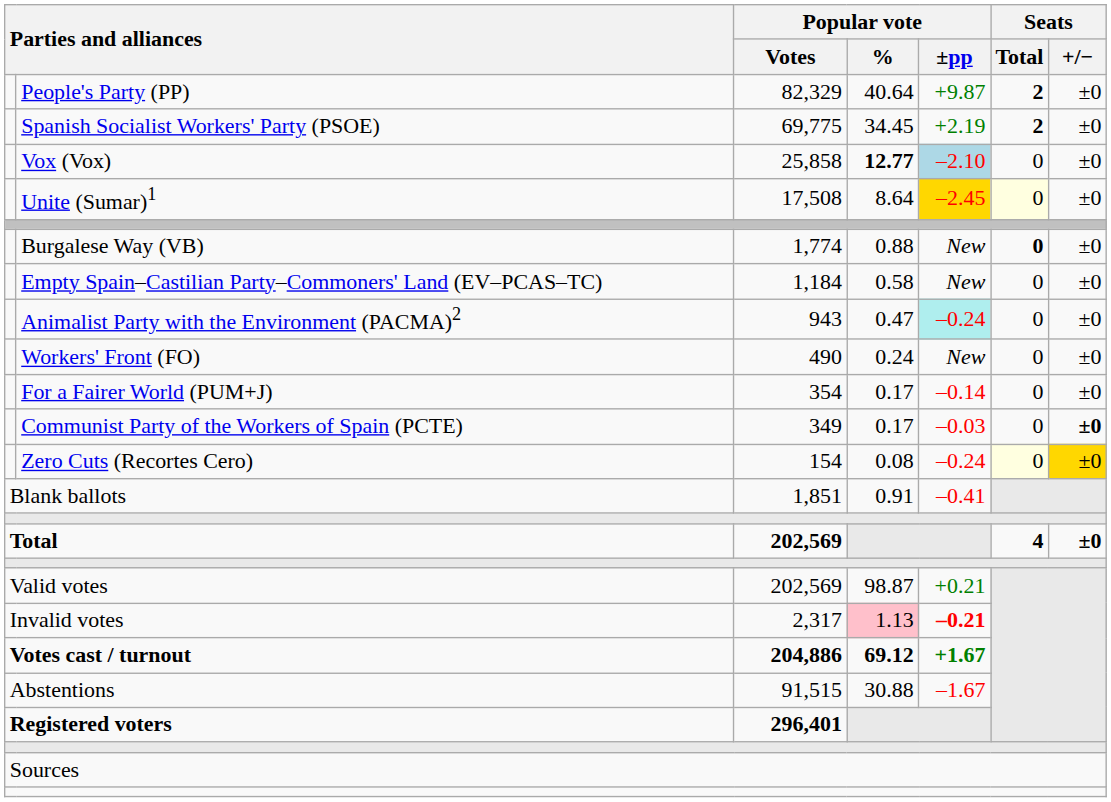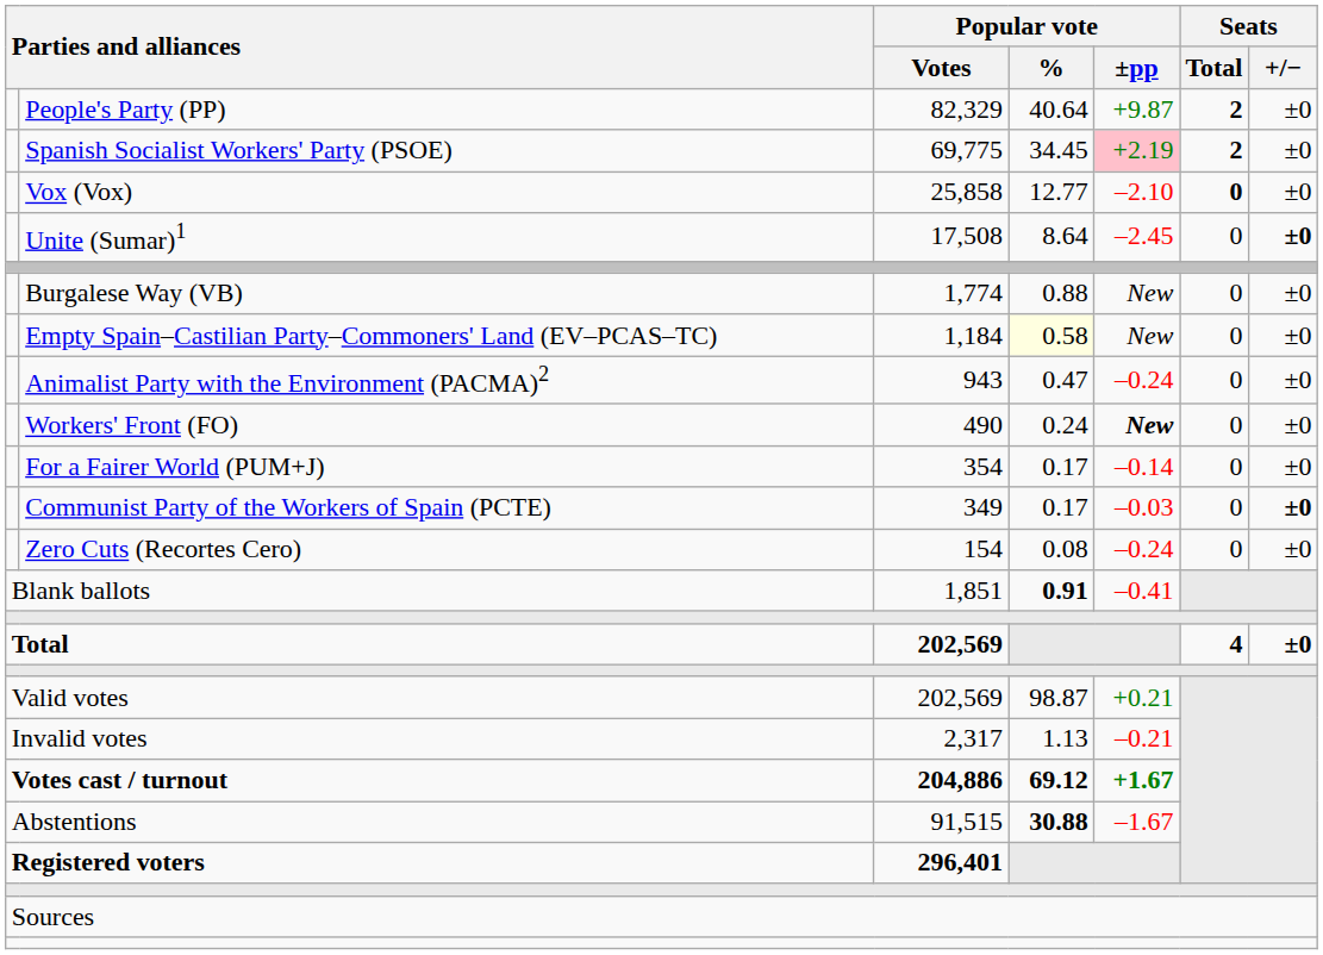 <table class="wikitable" style="text-align:right;">
 <tr>
 <th style="text-align:left;" rowspan="2" colspan="2" width="525">Parties and alliances</th>
 <th colspan="3">Popular vote</th>
 <th colspan="2">Seats</th>
 </tr>
 <tr>
 <th width="75">Votes</th>
 <th width="45">%</th>
 <th width="45">±<a href='#'>pp</a></th>
 <th width="35">Total</th>
 <th width="35">+/−</th>
 </tr>
 <tr>
 <td width="1" style="color:inherit;background:"></td>
 <td align="left"><a href='#'>People's Party</a> (PP)</td>
 <td>82,329</td>
 <td>40.64</td>
 <td style="color:green;">+9.87</td>
 <td><strong>2</strong></td>
 <td>±0</td>
 </tr>
 <tr>
 <td style="color:inherit;background:"></td>
 <td align="left"><a href='#'>Spanish Socialist Workers' Party</a> (PSOE)</td>
 <td>69,775</td>
 <td>34.45</td>
-<td style="color:green;">+2.19</td>
+<td style="background: pink; color:green;">+2.19</td>
 <td><strong>2</strong></td>
 <td>±0</td>
 </tr>
 <tr>
 <td style="color:inherit;background:"></td>
 <td align="left"><a href='#'>Vox</a> (Vox)</td>
 <td>25,858</td>
-<td><strong>12.77</strong></td>
-<td style="background: lightblue; color:red;">–2.10</td>
-<td>0</td>
+<td>12.77</td>
+<td style="color:red;">–2.10</td>
+<td><strong>0</strong></td>
 <td>±0</td>
 </tr>
 <tr>
 <td style="color:inherit;background:"></td>
 <td align="left"><a href='#'>Unite</a> (Sumar)<sup>1</sup></td>
 <td>17,508</td>
 <td>8.64</td>
-<td style="background: gold; color:red;">–2.45</td>
-<td style="background: lightyellow;">0</td>
-<td>±0</td>
+<td style="color:red;">–2.45</td>
+<td>0</td>
+<td><strong>±0</strong></td>
 </tr>
 <tr>
 <td colspan="7" bgcolor="#C0C0C0"></td>
 </tr>
 <tr>
 <td style="color:inherit;background:"></td>
 <td align="left">Burgalese Way (VB)</td>
 <td>1,774</td>
 <td>0.88</td>
 <td><em>New</em></td>
-<td><strong>0</strong></td>
+<td>0</td>
 <td>±0</td>
 </tr>
 <tr>
 <td style="color:inherit;background:"></td>
 <td align="left"><a href='#'>Empty Spain</a>–<a href='#'>Castilian Party</a>–<a href='#'>Commoners' Land</a> (EV–PCAS–TC)</td>
 <td>1,184</td>
-<td>0.58</td>
+<td style="background: lightyellow;">0.58</td>
 <td><em>New</em></td>
 <td>0</td>
 <td>±0</td>
 </tr>
 <tr>
 <td style="color:inherit;background:"></td>
 <td align="left"><a href='#'>Animalist Party with the Environment</a> (PACMA)<sup>2</sup></td>
 <td>943</td>
 <td>0.47</td>
-<td style="background: paleturquoise; color:red;">–0.24</td>
+<td style="color:red;">–0.24</td>
 <td>0</td>
 <td>±0</td>
 </tr>
 <tr>
 <td style="color:inherit;background:"></td>
 <td align="left"><a href='#'>Workers' Front</a> (FO)</td>
 <td>490</td>
 <td>0.24</td>
-<td><em>New</em></td>
+<td><strong><em>New</em></strong></td>
 <td>0</td>
 <td>±0</td>
 </tr>
 <tr>
 <td style="color:inherit;background:"></td>
 <td align="left"><a href='#'>For a Fairer World</a> (PUM+J)</td>
 <td>354</td>
 <td>0.17</td>
 <td style="color:red;">–0.14</td>
 <td>0</td>
 <td>±0</td>
 </tr>
 <tr>
 <td style="color:inherit;background:"></td>
 <td align="left"><a href='#'>Communist Party of the Workers of Spain</a> (PCTE)</td>
 <td>349</td>
 <td>0.17</td>
 <td style="color:red;">–0.03</td>
 <td>0</td>
 <td><strong>±0</strong></td>
 </tr>
 <tr>
 <td style="color:inherit;background:"></td>
 <td align="left"><a href='#'>Zero Cuts</a> (Recortes Cero)</td>
 <td>154</td>
 <td>0.08</td>
 <td style="color:red;">–0.24</td>
-<td style="background: lightyellow;">0</td>
-<td style="background: gold;">±0</td>
+<td>0</td>
+<td>±0</td>
 </tr>
 <tr>
 <td align="left" colspan="2">Blank ballots</td>
 <td>1,851</td>
-<td>0.91</td>
+<td><strong>0.91</strong></td>
 <td style="color:red;">–0.41</td>
 <td bgcolor="#E9E9E9" colspan="2"></td>
 </tr>
 <tr>
 <td colspan="7" bgcolor="#E9E9E9"></td>
 </tr>
 <tr style="font-weight:bold;">
 <td align="left" colspan="2">Total</td>
 <td>202,569</td>
 <td bgcolor="#E9E9E9" colspan="2"></td>
 <td>4</td>
 <td>±0</td>
 </tr>
 <tr>
 <td colspan="7" bgcolor="#E9E9E9"></td>
 </tr>
 <tr>
 <td align="left" colspan="2">Valid votes</td>
 <td>202,569</td>
 <td>98.87</td>
 <td style="color:green;">+0.21</td>
 <td bgcolor="#E9E9E9" colspan="2" rowspan="5"></td>
 </tr>
 <tr>
 <td align="left" colspan="2">Invalid votes</td>
 <td>2,317</td>
-<td style="background: pink;">1.13</td>
-<td style="color:red;"><strong>–0.21</strong></td>
+<td>1.13</td>
+<td style="color:red;">–0.21</td>
 </tr>
 <tr style="font-weight:bold;">
 <td align="left" colspan="2">Votes cast / turnout</td>
 <td>204,886</td>
 <td>69.12</td>
 <td style="color:green;">+1.67</td>
 </tr>
 <tr>
 <td align="left" colspan="2">Abstentions</td>
 <td>91,515</td>
-<td>30.88</td>
+<td><strong>30.88</strong></td>
 <td style="color:red;">–1.67</td>
 </tr>
 <tr style="font-weight:bold;">
 <td align="left" colspan="2">Registered voters</td>
 <td>296,401</td>
 <td bgcolor="#E9E9E9" colspan="2"></td>
 </tr>
 <tr>
 <td colspan="7" bgcolor="#E9E9E9"></td>
 </tr>
 <tr>
 <td align="left" colspan="7">Sources</td>
 </tr>
 <tr>
 <td colspan="7" style="text-align:left; max-width:790px;"></td>
 </tr>
 </table>
